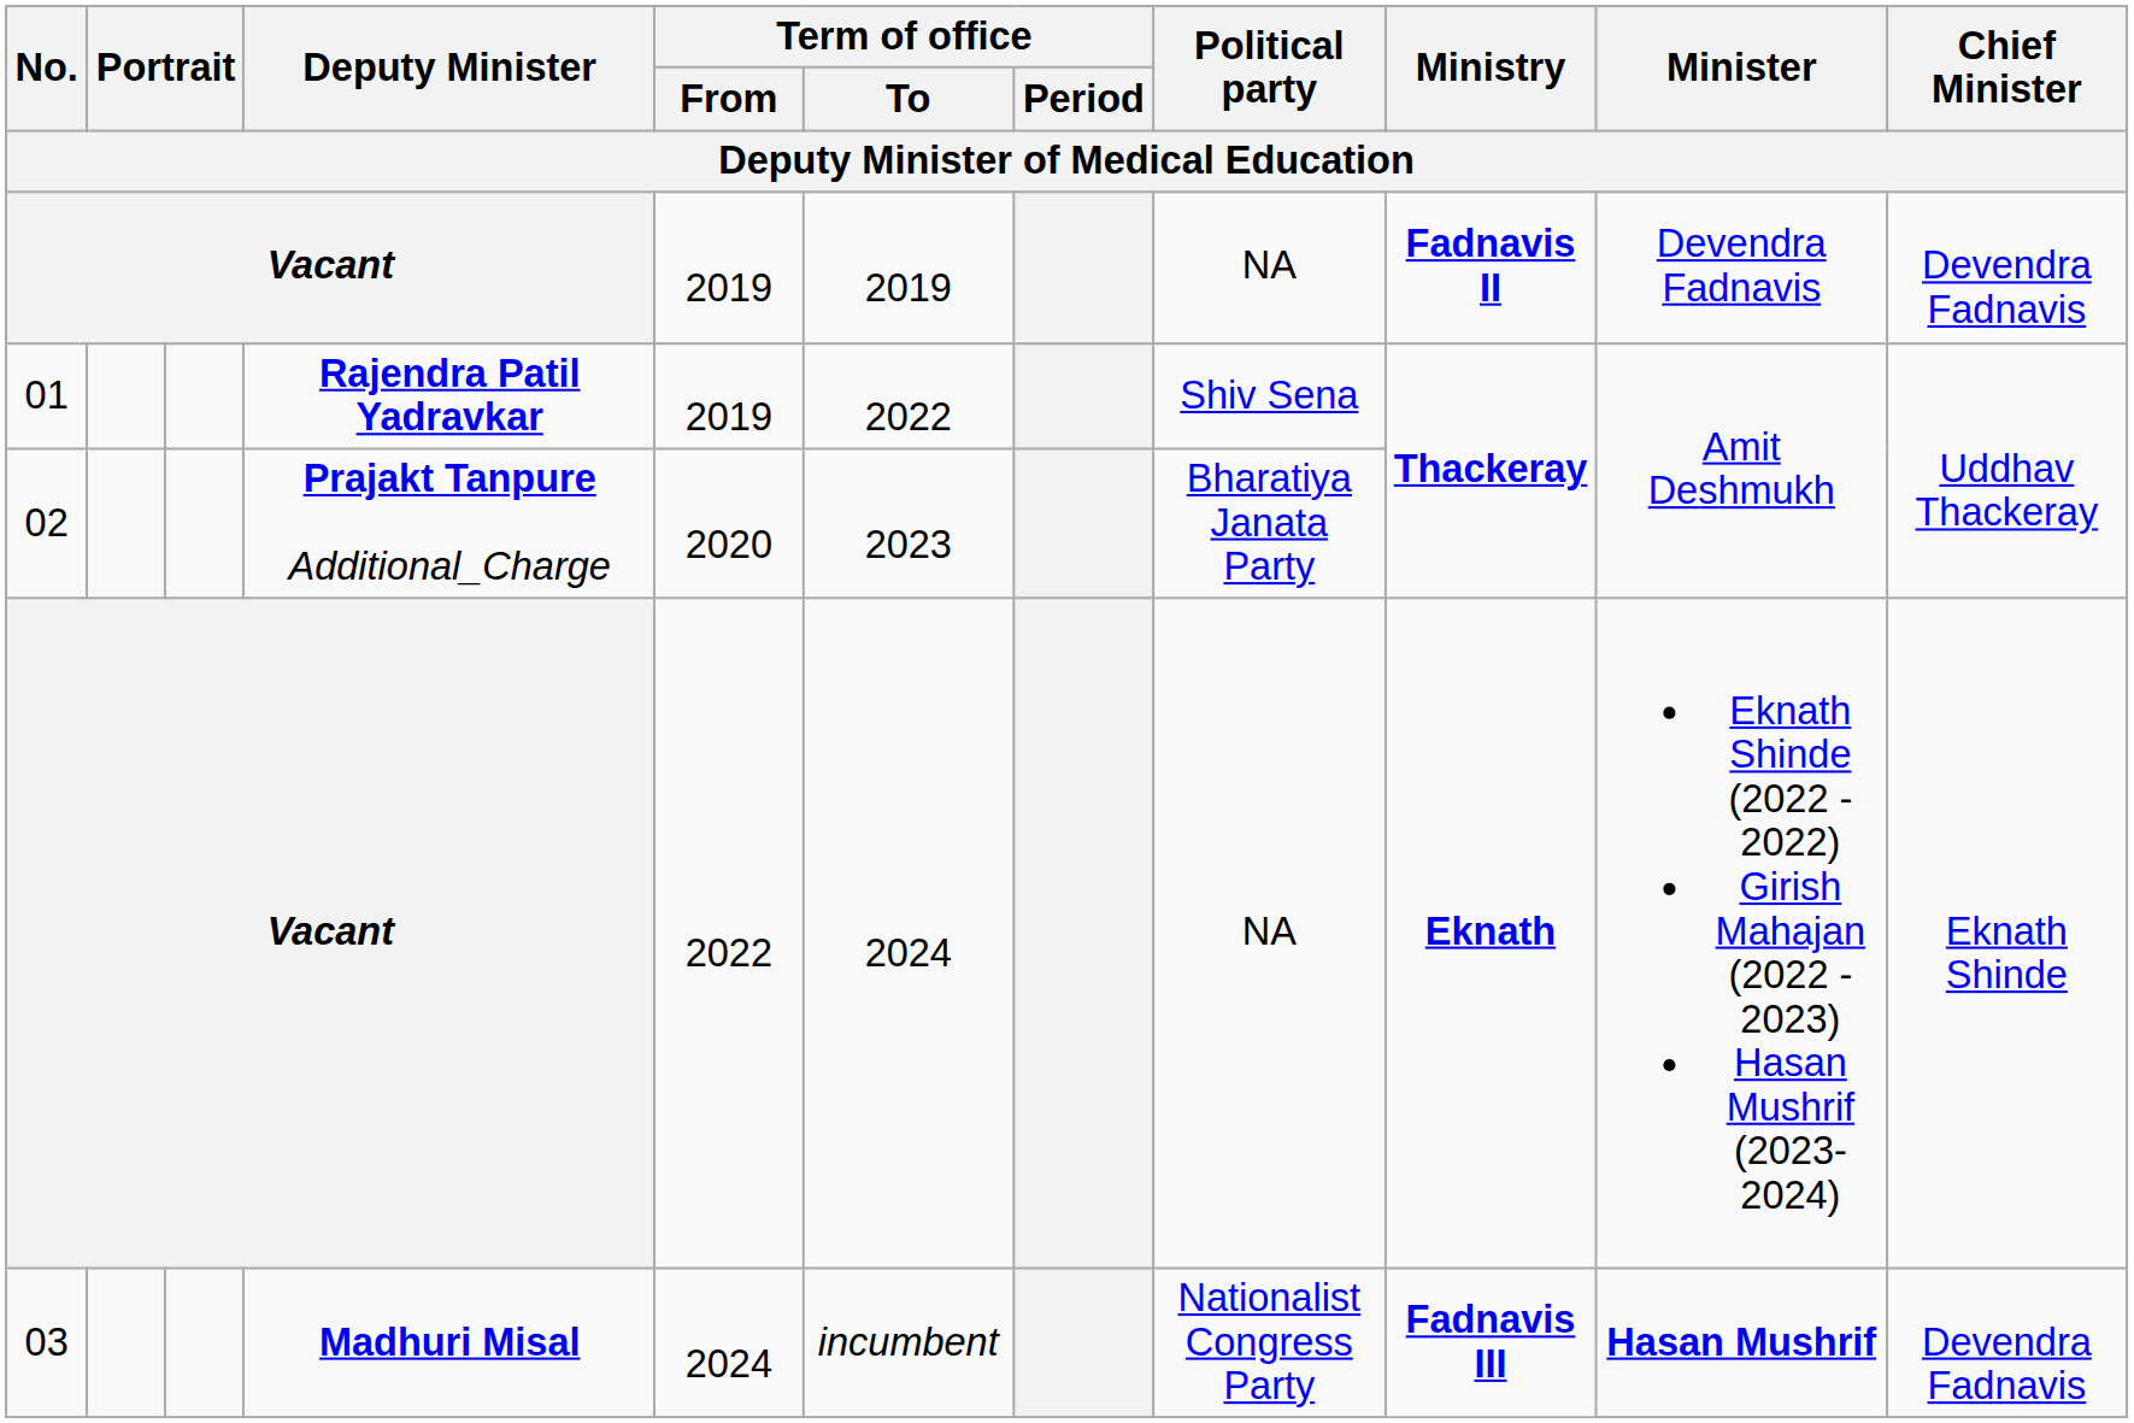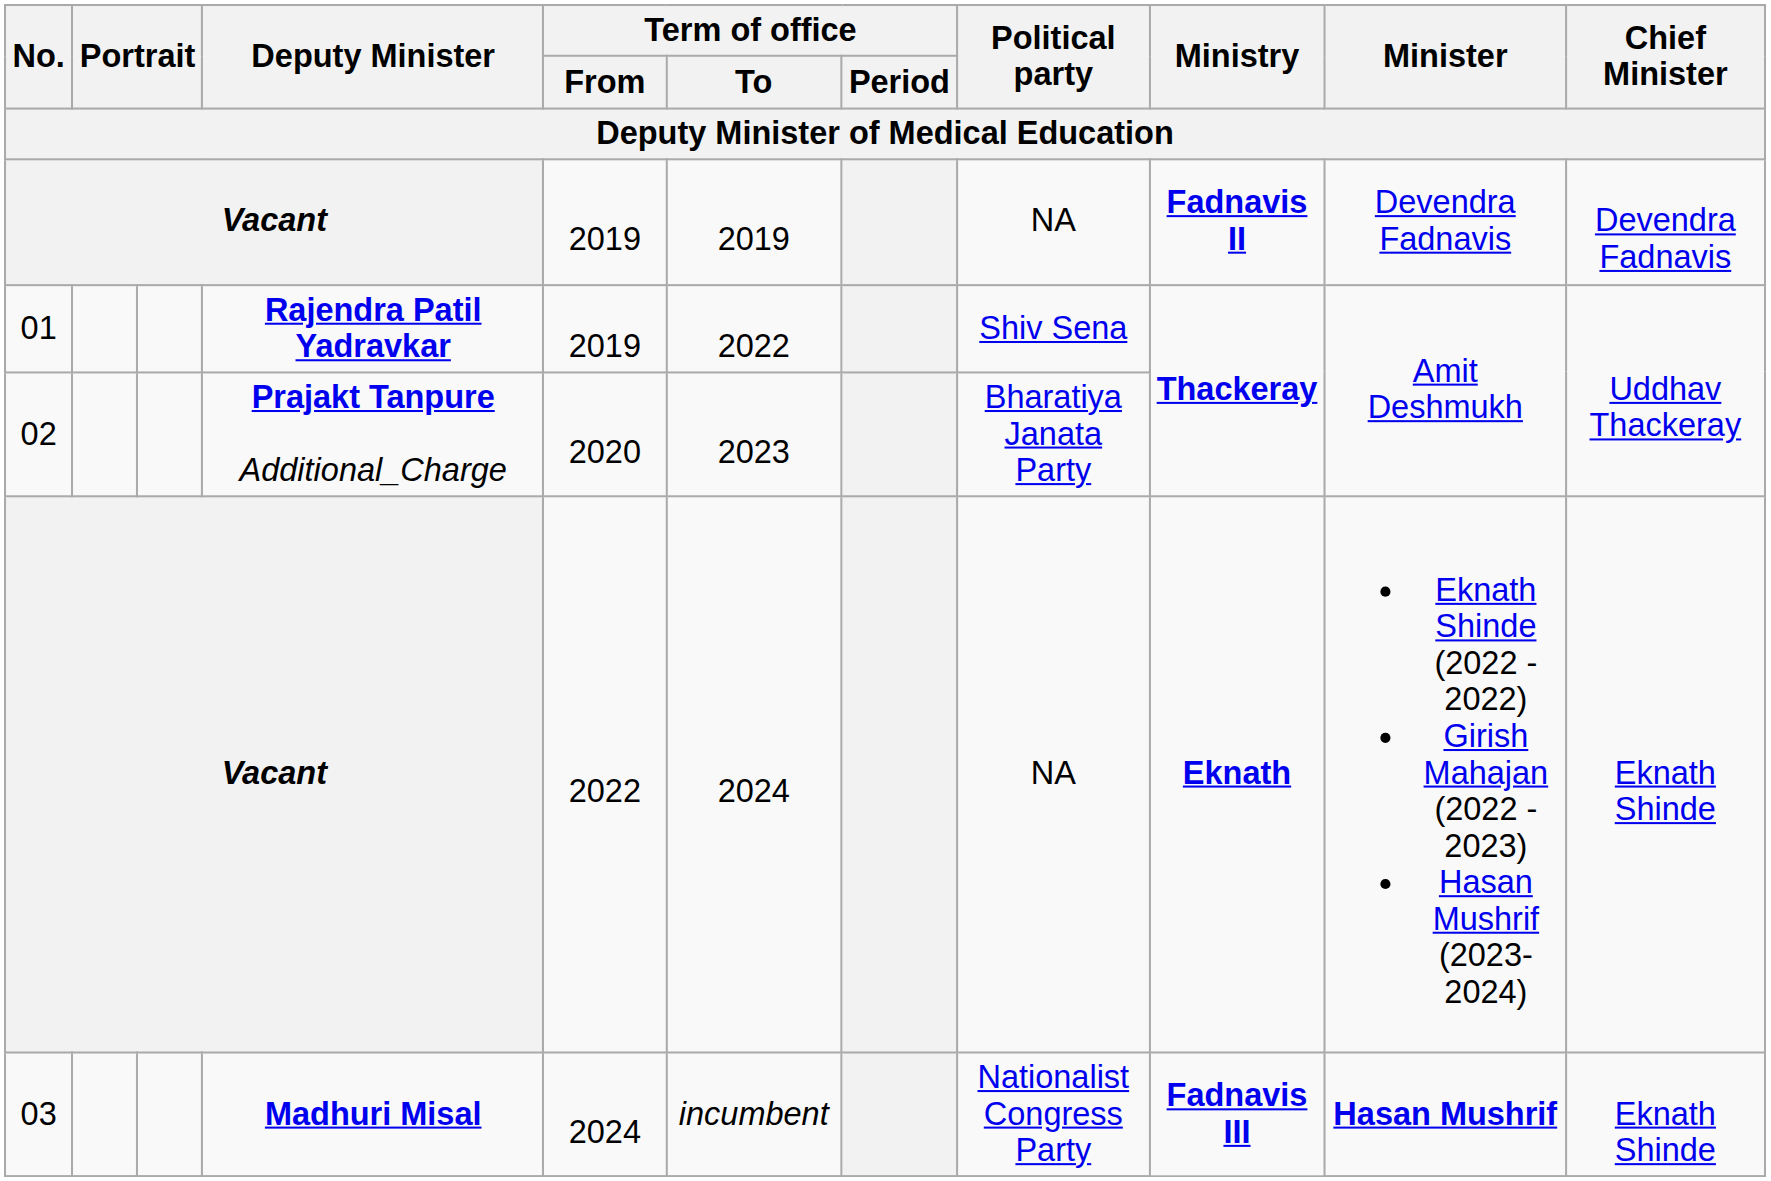 <table class="wikitable" style="text-align:center">
 <tr>
 <th rowspan="2">No.</th>
 <th rowspan="2" colspan="2">Portrait</th>
 <th rowspan="2" style="width:16em">Deputy Minister<br></th>
 <th colspan="3">Term of office</th>
 <th rowspan="2" style="width:8em">Political party</th>
 <th rowspan="2">Ministry</th>
 <th rowspan="2" style="width:9em">Minister</th>
 <th rowspan="2" style="width:9em">Chief Minister</th>
 </tr>
 <tr>
 <th style="width:6em">From</th>
 <th style="width:6em">To</th>
 <th>Period</th>
 </tr>
 <tr>
 <th colspan="11">Deputy Minister of Medical Education</th>
 </tr>
 <tr>
 <th colspan="04"><strong><em> Vacant</em></strong></th>
 <td><br>2019</td>
 <td><br>2019</td>
 <th></th>
 <td>NA</td>
 <td rowspan="1"><a href='#'><strong>Fadnavis II</strong></a></td>
 <td><a href='#'>Devendra Fadnavis</a></td>
 <td rowspan="1"> <br><a href='#'>Devendra Fadnavis</a></td>
 </tr>
 <tr>
 <td>01</td>
 <td style="color:inherit;background:"></td>
 <td></td>
 <td><strong><a href='#'>Rajendra Patil Yadravkar</a></strong> <br> </td>
 <td><br>2019</td>
 <td><br>2022</td>
 <th></th>
 <td><a href='#'>Shiv Sena</a></td>
 <td rowspan="2"><a href='#'><strong>Thackeray</strong></a></td>
 <td rowspan="2"><a href='#'>Amit Deshmukh</a></td>
 <td rowspan="2"> <br><a href='#'>Uddhav Thackeray</a></td>
 </tr>
 <tr>
 <td>02</td>
 <td style="color:inherit;background:"></td>
 <td></td>
 <td><strong><a href='#'>Prajakt Tanpure</a></strong> <br> <br><em>Additional_Charge</em></td>
 <td><br>2020</td>
 <td><br>2023</td>
 <th></th>
 <td><a href='#'>Bharatiya Janata Party</a></td>
 </tr>
 <tr>
 <th colspan="04"><strong><em>Vacant</em></strong></th>
 <td><br>2022</td>
 <td><br>2024</td>
 <th></th>
 <td>NA</td>
 <td rowspan="1"><a href='#'><strong>Eknath</strong></a></td>
 <td><br><ul><li><a href='#'>Eknath Shinde</a><br>(2022 - 2022)</li><li><a href='#'>Girish Mahajan</a><br>(2022 - 2023)</li><li><a href='#'>Hasan Mushrif</a><br> (2023- 2024)</li></ul></td>
 <td rowspan="1"> <br><a href='#'>Eknath Shinde</a></td>
 </tr>
 <tr>
 <td>03</td>
 <td style="color:inherit;background:"></td>
 <td></td>
 <td><strong><a href='#'>Madhuri Misal</a></strong> <br> </td>
 <td><br>2024</td>
 <td><em>incumbent</em></td>
 <th></th>
 <td><a href='#'>Nationalist Congress Party</a></td>
 <td rowspan="2"><a href='#'><strong>Fadnavis III</strong></a></td>
 <td rowspan="1"><strong><a href='#'>Hasan Mushrif</a></strong></td>
-<td rowspan="1"> <br><a href='#'>Devendra Fadnavis</a></td>
+<td rowspan="1"> <br><a href='#'>Eknath Shinde</a></td>
 </tr>
 <tr>
 </tr>
 </table>
